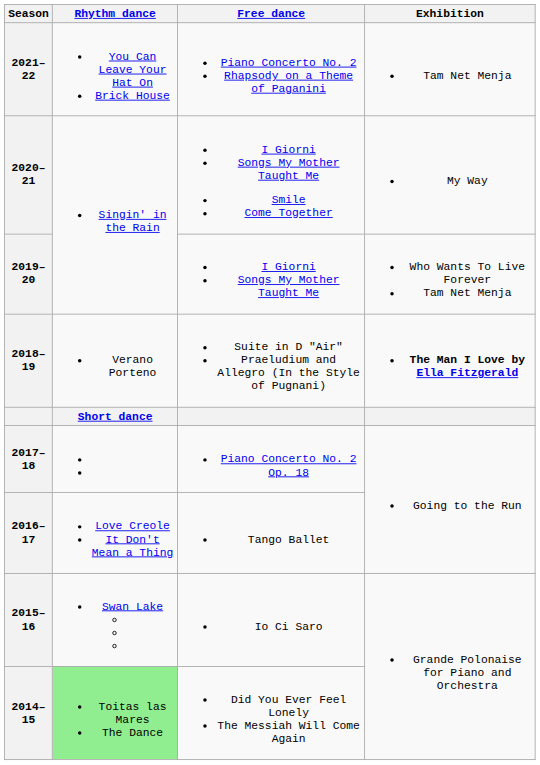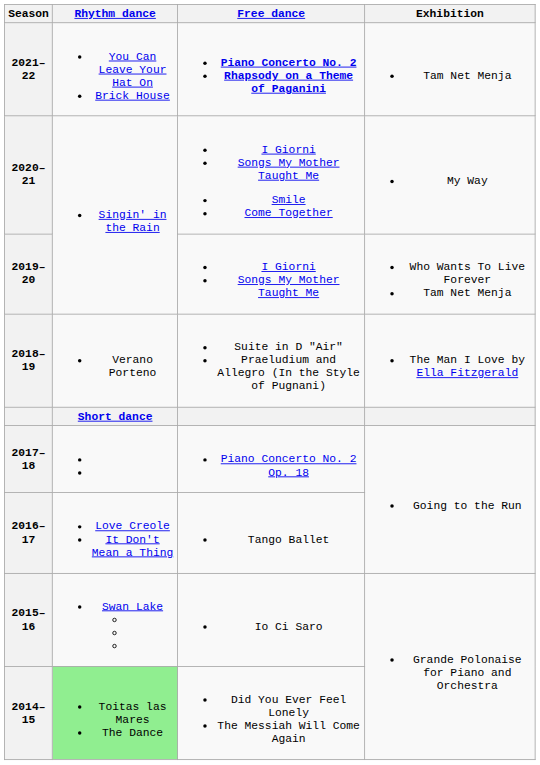 <table class="wikitable" style="text-align:center">
 <tr>
 <th>Season</th>
 <th><a href='#'>Rhythm dance</a></th>
 <th><a href='#'>Free dance</a></th>
 <th>Exhibition</th>
 </tr>
 <tr>
 <th>2021–22 <br> </th>
 <td><br><ul><li><a href='#'>You Can Leave Your Hat On</a> <br> </li><li><a href='#'>Brick House</a> <br> </li></ul></td>
-<td><br><ul><li><a href='#'>Piano Concerto No. 2</a></li><li><a href='#'>Rhapsody on a Theme of Paganini</a> <br> </li></ul></td>
+<td><strong><br><ul><li><a href='#'>Piano Concerto No. 2</a></li><li><a href='#'>Rhapsody on a Theme of Paganini</a> <br> </li></ul></strong></td>
 <td><br><ul><li>Tam Net Menja</li></ul></td>
 </tr>
 <tr>
 <th>2020–21 <br> </th>
 <td rowspan=2><br><ul><li><a href='#'>Singin' in the Rain</a> <br> </li></ul></td>
 <td><br><ul><li><a href='#'>I Giorni</a> <br> </li><li><a href='#'>Songs My Mother Taught Me</a> <br> </li></ul><ul><li><a href='#'>Smile</a></li><li><a href='#'>Come Together</a> <br> </li></ul></td>
 <td><br><ul><li>My Way <br></li></ul></td>
 </tr>
 <tr>
 <th>2019–20 <br></th>
 <td><br><ul><li><a href='#'>I Giorni</a> <br> </li><li><a href='#'>Songs My Mother Taught Me</a> <br> </li></ul></td>
 <td><br><ul><li>Who Wants To Live Forever <br>  </li><li>Tam Net Menja</li></ul></td>
 </tr>
 <tr>
 <th>2018–19 <br></th>
 <td><br><ul><li> Verano Porteno <br> </li></ul></td>
 <td><br><ul><li>Suite in D "Air" <br> </li><li>Praeludium and Allegro (In the Style of Pugnani) <br> </li></ul></td>
-<td><strong><br><ul><li>The Man I Love by <a href='#'>Ella Fitzgerald</a></li></ul></strong></td>
+<td><br><ul><li>The Man I Love by <a href='#'>Ella Fitzgerald</a></li></ul></td>
 </tr>
 <tr>
 <th></th>
 <th><a href='#'>Short dance</a></th>
 <th></th>
 <th></th>
 </tr>
 <tr>
 <th>2017–18 <br></th>
 <td><br><ul><li></li><li></li></ul></td>
 <td><br><ul><li><a href='#'>Piano Concerto No. 2 Op. 18</a> <br> </li></ul></td>
 <td rowspan=2><br><ul><li>Going to the Run <br></li></ul></td>
 </tr>
 <tr>
 <th>2016–17 <br></th>
 <td><br><ul><li> <a href='#'>Love Creole</a> <br></li><li> <a href='#'>It Don't Mean a Thing</a> <br></li></ul></td>
 <td><br><ul><li>Tango Ballet <br></li></ul></td>
 </tr>
 <tr>
 <th>2015–16 <br></th>
 <td><br><ul><li><a href='#'>Swan Lake</a> <br><ul><li></li><li></li><li></li></ul></li></ul></td>
 <td><br><ul><li>Io Ci Saro <br></li></ul></td>
 <td rowspan=2><br><ul><li>Grande Polonaise for Piano and Orchestra <br></li></ul></td>
 </tr>
 <tr>
 <th>2014–15 <br></th>
 <td style="background: lightgreen;"><br><ul><li> Toitas las Mares <br></li><li> The Dance <br></li></ul></td>
 <td><br><ul><li>Did You Ever Feel Lonely <br></li><li>The Messiah Will Come Again <br></li></ul></td>
 </tr>
 </table>
